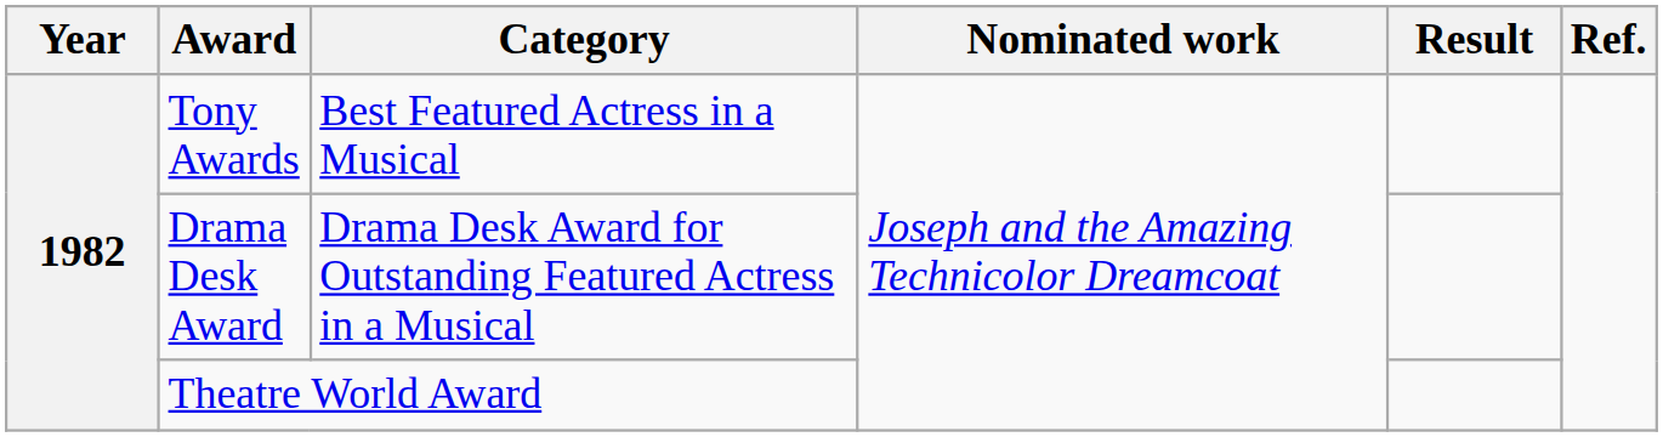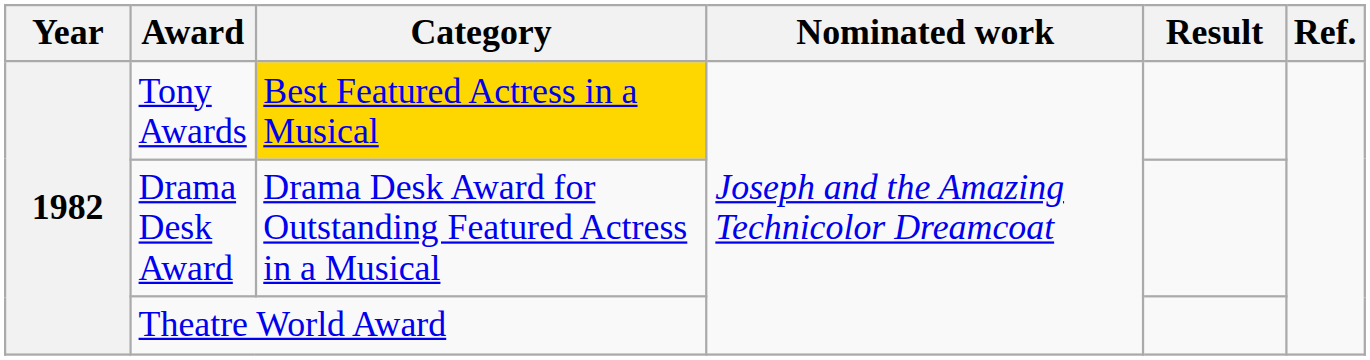 <table class="wikitable">
 <tr>
 <th scope="col" style="width:5em;">Year</th>
 <th>Award</th>
 <th scope="col" style="width:26em;">Category</th>
 <th scope="col" style="width:25em;">Nominated work</th>
 <th scope="col" style="width:5em;">Result</th>
 <th>Ref.</th>
 </tr>
 <tr>
 <th rowspan="3" scope="row">1982</th>
 <td><a href='#'>Tony Awards</a></td>
-<td><a href='#'>Best Featured Actress in a Musical</a></td>
+<td style="background: gold;"><a href='#'>Best Featured Actress in a Musical</a></td>
 <td rowspan="3"><em><a href='#'>Joseph and the Amazing Technicolor Dreamcoat</a></em></td>
 <td></td>
 <td rowspan="3"></td>
 </tr>
 <tr>
 <td><a href='#'>Drama Desk Award</a></td>
 <td><a href='#'>Drama Desk Award for Outstanding Featured Actress in a Musical</a></td>
 <td></td>
 </tr>
 <tr>
 <td colspan="2"><a href='#'>Theatre World Award</a></td>
 <td></td>
 </tr>
 </table>
